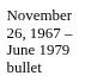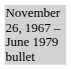 <table width="80">
 <tr>
 <td></td>
 </tr>
 <tr>
-<td><div>November 26, 1967 – June 1979 bullet</div></td>
+<td style="background: lightgrey;"><div>November 26, 1967 – June 1979 bullet</div></td>
 </tr>
 </table>
